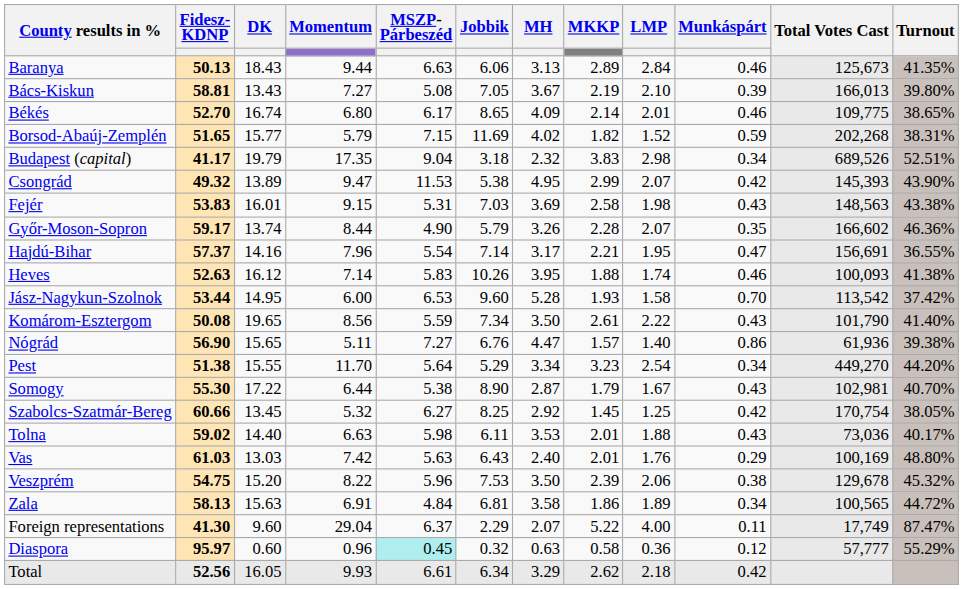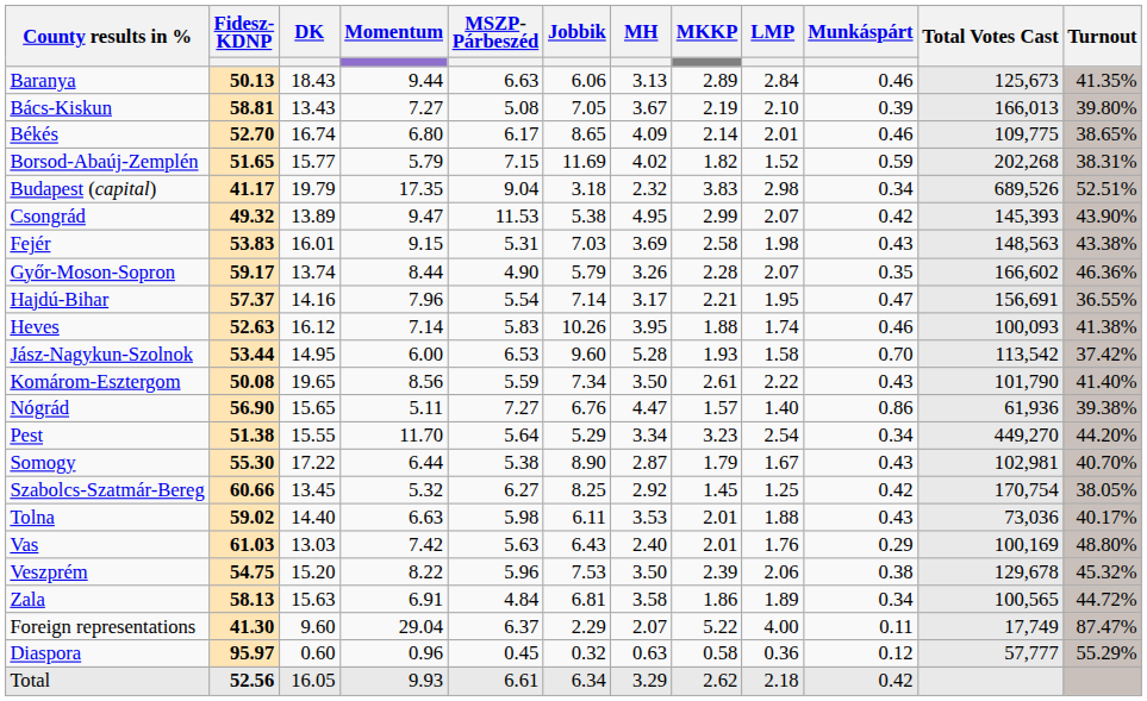 <table class="wikitable sortable" style="text-align:right;font-size:95%;line-height:14px">
 <tr style="height:40px;">
 <th style="width:150px;" rowspan="2"><a href='#'>County</a> results in %</th>
 <th style="width:40px;"><a href='#'><span>Fidesz-KDNP</span></a></th>
 <th style="width:40px;"><a href='#'><span>DK</span></a></th>
 <th style="width:40px;"><a href='#'><span>Momentum</span></a></th>
 <th style="width:40px;"><a href='#'><span>MSZP</span></a>-<a href='#'>Párbeszéd</a></th>
 <th style="width:40px;"><a href='#'><span>Jobbik</span></a></th>
 <th style="width:40px;"><a href='#'><span>MH</span></a></th>
 <th style="width:40px;"><a href='#'><span>MKKP</span></a></th>
 <th style="width:40px;"><a href='#'><span>LMP</span></a></th>
 <th style="width:40px;"><a href='#'><span>Munkáspárt</span></a></th>
 <th rowspan="2">Total Votes Cast</th>
 <th rowspan="2">Turnout</th>
 </tr>
 <tr>
 <th style="background:"></th>
 <th style="background:"></th>
 <th style="background:#8E6FCE;"></th>
 <th style="background:"></th>
 <th style="background:"></th>
 <th style="background:"></th>
 <th style="background:#808080;"></th>
 <th style="background:"></th>
 <th style="background:"></th>
 </tr>
 <tr>
 <td align="left"><a href='#'>Baranya</a></td>
 <td style="background:#FFE5B4;"><strong>50.13</strong></td>
 <td>18.43</td>
 <td>9.44</td>
 <td>6.63</td>
 <td>6.06</td>
 <td>3.13</td>
 <td>2.89</td>
 <td>2.84</td>
 <td>0.46</td>
 <td style="background:#E9E9E9;">125,673</td>
 <td style="background:#C9C0BB;">41.35%</td>
 </tr>
 <tr>
 <td align="left"><a href='#'>Bács-Kiskun</a></td>
 <td style="background:#FFE5B4;"><strong>58.81</strong></td>
 <td>13.43</td>
 <td>7.27</td>
 <td>5.08</td>
 <td>7.05</td>
 <td>3.67</td>
 <td>2.19</td>
 <td>2.10</td>
 <td>0.39</td>
 <td style="background:#E9E9E9;">166,013</td>
 <td style="background:#C9C0BB;">39.80%</td>
 </tr>
 <tr>
 <td align="left"><a href='#'>Békés</a></td>
 <td style="background:#FFE5B4;"><strong>52.70</strong></td>
 <td>16.74</td>
 <td>6.80</td>
 <td>6.17</td>
 <td>8.65</td>
 <td>4.09</td>
 <td>2.14</td>
 <td>2.01</td>
 <td>0.46</td>
 <td style="background:#E9E9E9;">109,775</td>
 <td style="background:#C9C0BB;">38.65%</td>
 </tr>
 <tr>
 <td align="left"><a href='#'>Borsod-Abaúj-Zemplén</a></td>
 <td style="background:#FFE5B4;"><strong>51.65</strong></td>
 <td>15.77</td>
 <td>5.79</td>
 <td>7.15</td>
 <td>11.69</td>
 <td>4.02</td>
 <td>1.82</td>
 <td>1.52</td>
 <td>0.59</td>
 <td style="background:#E9E9E9;">202,268</td>
 <td style="background:#C9C0BB;">38.31%</td>
 </tr>
 <tr>
 <td align="left"><a href='#'>Budapest</a> (<em>capital</em>)</td>
 <td style="background:#FFE5B4;"><strong>41.17</strong></td>
 <td>19.79</td>
 <td>17.35</td>
 <td>9.04</td>
 <td>3.18</td>
 <td>2.32</td>
 <td>3.83</td>
 <td>2.98</td>
 <td>0.34</td>
 <td style="background:#E9E9E9;">689,526</td>
 <td style="background:#C9C0BB;">52.51%</td>
 </tr>
 <tr>
 <td align="left"><a href='#'>Csongrád</a></td>
 <td style="background:#FFE5B4;"><strong>49.32</strong></td>
 <td>13.89</td>
 <td>9.47</td>
 <td>11.53</td>
 <td>5.38</td>
 <td>4.95</td>
 <td>2.99</td>
 <td>2.07</td>
 <td>0.42</td>
 <td style="background:#E9E9E9;">145,393</td>
 <td style="background:#C9C0BB;">43.90%</td>
 </tr>
 <tr>
 <td align="left"><a href='#'>Fejér</a></td>
 <td style="background:#FFE5B4;"><strong>53.83</strong></td>
 <td>16.01</td>
 <td>9.15</td>
 <td>5.31</td>
 <td>7.03</td>
 <td>3.69</td>
 <td>2.58</td>
 <td>1.98</td>
 <td>0.43</td>
 <td style="background:#E9E9E9;">148,563</td>
 <td style="background:#C9C0BB;">43.38%</td>
 </tr>
 <tr>
 <td align="left"><a href='#'>Győr-Moson-Sopron</a></td>
 <td style="background:#FFE5B4;"><strong>59.17</strong></td>
 <td>13.74</td>
 <td>8.44</td>
 <td>4.90</td>
 <td>5.79</td>
 <td>3.26</td>
 <td>2.28</td>
 <td>2.07</td>
 <td>0.35</td>
 <td style="background:#E9E9E9;">166,602</td>
 <td style="background:#C9C0BB;">46.36%</td>
 </tr>
 <tr>
 <td align="left"><a href='#'>Hajdú-Bihar</a></td>
 <td style="background:#FFE5B4;"><strong>57.37</strong></td>
 <td>14.16</td>
 <td>7.96</td>
 <td>5.54</td>
 <td>7.14</td>
 <td>3.17</td>
 <td>2.21</td>
 <td>1.95</td>
 <td>0.47</td>
 <td style="background:#E9E9E9;">156,691</td>
 <td style="background:#C9C0BB;">36.55%</td>
 </tr>
 <tr>
 <td align="left"><a href='#'>Heves</a></td>
 <td style="background:#FFE5B4;"><strong>52.63</strong></td>
 <td>16.12</td>
 <td>7.14</td>
 <td>5.83</td>
 <td>10.26</td>
 <td>3.95</td>
 <td>1.88</td>
 <td>1.74</td>
 <td>0.46</td>
 <td style="background:#E9E9E9;">100,093</td>
 <td style="background:#C9C0BB;">41.38%</td>
 </tr>
 <tr>
 <td align="left"><a href='#'>Jász-Nagykun-Szolnok</a></td>
 <td style="background:#FFE5B4;"><strong>53.44</strong></td>
 <td>14.95</td>
 <td>6.00</td>
 <td>6.53</td>
 <td>9.60</td>
 <td>5.28</td>
 <td>1.93</td>
 <td>1.58</td>
 <td>0.70</td>
 <td style="background:#E9E9E9;">113,542</td>
 <td style="background:#C9C0BB;">37.42%</td>
 </tr>
 <tr>
 <td align="left"><a href='#'>Komárom-Esztergom</a></td>
 <td style="background:#FFE5B4;"><strong>50.08</strong></td>
 <td>19.65</td>
 <td>8.56</td>
 <td>5.59</td>
 <td>7.34</td>
 <td>3.50</td>
 <td>2.61</td>
 <td>2.22</td>
 <td>0.43</td>
 <td style="background:#E9E9E9;">101,790</td>
 <td style="background:#C9C0BB;">41.40%</td>
 </tr>
 <tr>
 <td align="left"><a href='#'>Nógrád</a></td>
 <td style="background:#FFE5B4;"><strong>56.90</strong></td>
 <td>15.65</td>
 <td>5.11</td>
 <td>7.27</td>
 <td>6.76</td>
 <td>4.47</td>
 <td>1.57</td>
 <td>1.40</td>
 <td>0.86</td>
 <td style="background:#E9E9E9;">61,936</td>
 <td style="background:#C9C0BB;">39.38%</td>
 </tr>
 <tr>
 <td align="left"><a href='#'>Pest</a></td>
 <td style="background:#FFE5B4;"><strong>51.38</strong></td>
 <td>15.55</td>
 <td>11.70</td>
 <td>5.64</td>
 <td>5.29</td>
 <td>3.34</td>
 <td>3.23</td>
 <td>2.54</td>
 <td>0.34</td>
 <td style="background:#E9E9E9;">449,270</td>
 <td style="background:#C9C0BB;">44.20%</td>
 </tr>
 <tr>
 <td align="left"><a href='#'>Somogy</a></td>
 <td style="background:#FFE5B4;"><strong>55.30</strong></td>
 <td>17.22</td>
 <td>6.44</td>
 <td>5.38</td>
 <td>8.90</td>
 <td>2.87</td>
 <td>1.79</td>
 <td>1.67</td>
 <td>0.43</td>
 <td style="background:#E9E9E9;">102,981</td>
 <td style="background:#C9C0BB;">40.70%</td>
 </tr>
 <tr>
 <td align="left"><a href='#'>Szabolcs-Szatmár-Bereg</a></td>
 <td style="background:#FFE5B4;"><strong>60.66</strong></td>
 <td>13.45</td>
 <td>5.32</td>
 <td>6.27</td>
 <td>8.25</td>
 <td>2.92</td>
 <td>1.45</td>
 <td>1.25</td>
 <td>0.42</td>
 <td style="background:#E9E9E9;">170,754</td>
 <td style="background:#C9C0BB;">38.05%</td>
 </tr>
 <tr>
 <td align="left"><a href='#'>Tolna</a></td>
 <td style="background:#FFE5B4;"><strong>59.02</strong></td>
 <td>14.40</td>
 <td>6.63</td>
 <td>5.98</td>
 <td>6.11</td>
 <td>3.53</td>
 <td>2.01</td>
 <td>1.88</td>
 <td>0.43</td>
 <td style="background:#E9E9E9;">73,036</td>
 <td style="background:#C9C0BB;">40.17%</td>
 </tr>
 <tr>
 <td align="left"><a href='#'>Vas</a></td>
 <td style="background:#FFE5B4;"><strong>61.03</strong></td>
 <td>13.03</td>
 <td>7.42</td>
 <td>5.63</td>
 <td>6.43</td>
 <td>2.40</td>
 <td>2.01</td>
 <td>1.76</td>
 <td>0.29</td>
 <td style="background:#E9E9E9;">100,169</td>
 <td style="background:#C9C0BB;">48.80%</td>
 </tr>
 <tr>
 <td align="left"><a href='#'>Veszprém</a></td>
 <td style="background:#FFE5B4;"><strong>54.75</strong></td>
 <td>15.20</td>
 <td>8.22</td>
 <td>5.96</td>
 <td>7.53</td>
 <td>3.50</td>
 <td>2.39</td>
 <td>2.06</td>
 <td>0.38</td>
 <td style="background:#E9E9E9;">129,678</td>
 <td style="background:#C9C0BB;">45.32%</td>
 </tr>
 <tr>
 <td align="left"><a href='#'>Zala</a></td>
 <td style="background:#FFE5B4;"><strong>58.13</strong></td>
 <td>15.63</td>
 <td>6.91</td>
 <td>4.84</td>
 <td>6.81</td>
 <td>3.58</td>
 <td>1.86</td>
 <td>1.89</td>
 <td>0.34</td>
 <td style="background:#E9E9E9;">100,565</td>
 <td style="background:#C9C0BB;">44.72%</td>
 </tr>
 <tr>
 <td align="left">Foreign representations</td>
 <td style="background:#FFE5B4;"><strong>41.30</strong></td>
 <td>9.60</td>
 <td>29.04</td>
 <td>6.37</td>
 <td>2.29</td>
 <td>2.07</td>
 <td>5.22</td>
 <td>4.00</td>
 <td>0.11</td>
 <td style="background:#E9E9E9;">17,749</td>
 <td style="background:#C9C0BB;">87.47%</td>
 </tr>
 <tr>
 <td align="left"><a href='#'>Diaspora</a></td>
 <td style="background:#FFE5B4;"><strong>95.97</strong></td>
 <td>0.60</td>
 <td>0.96</td>
-<td style="background: paleturquoise;">0.45</td>
+<td>0.45</td>
 <td>0.32</td>
 <td>0.63</td>
 <td>0.58</td>
 <td>0.36</td>
 <td>0.12</td>
 <td style="background:#E9E9E9;">57,777</td>
 <td style="background:#C9C0BB;">55.29%</td>
 </tr>
 <tr style="background:#E9E9E9;">
 <td align="left">Total</td>
 <td><strong>52.56</strong></td>
 <td>16.05</td>
 <td>9.93</td>
 <td>6.61</td>
 <td>6.34</td>
 <td>3.29</td>
 <td>2.62</td>
 <td>2.18</td>
 <td>0.42</td>
 <td style="background:#E9E9E9;"></td>
 <td style="background:#C9C0BB;"></td>
 </tr>
 </table>
